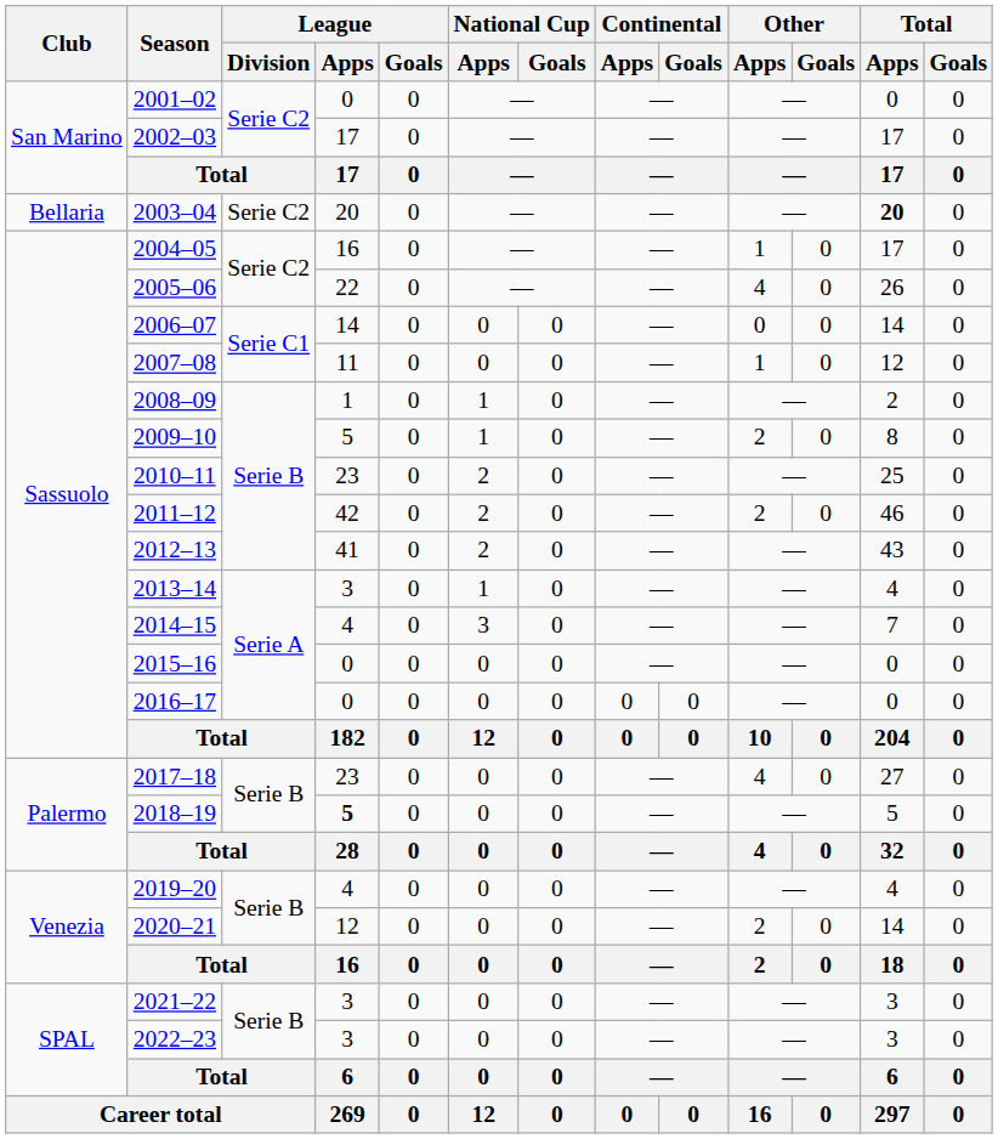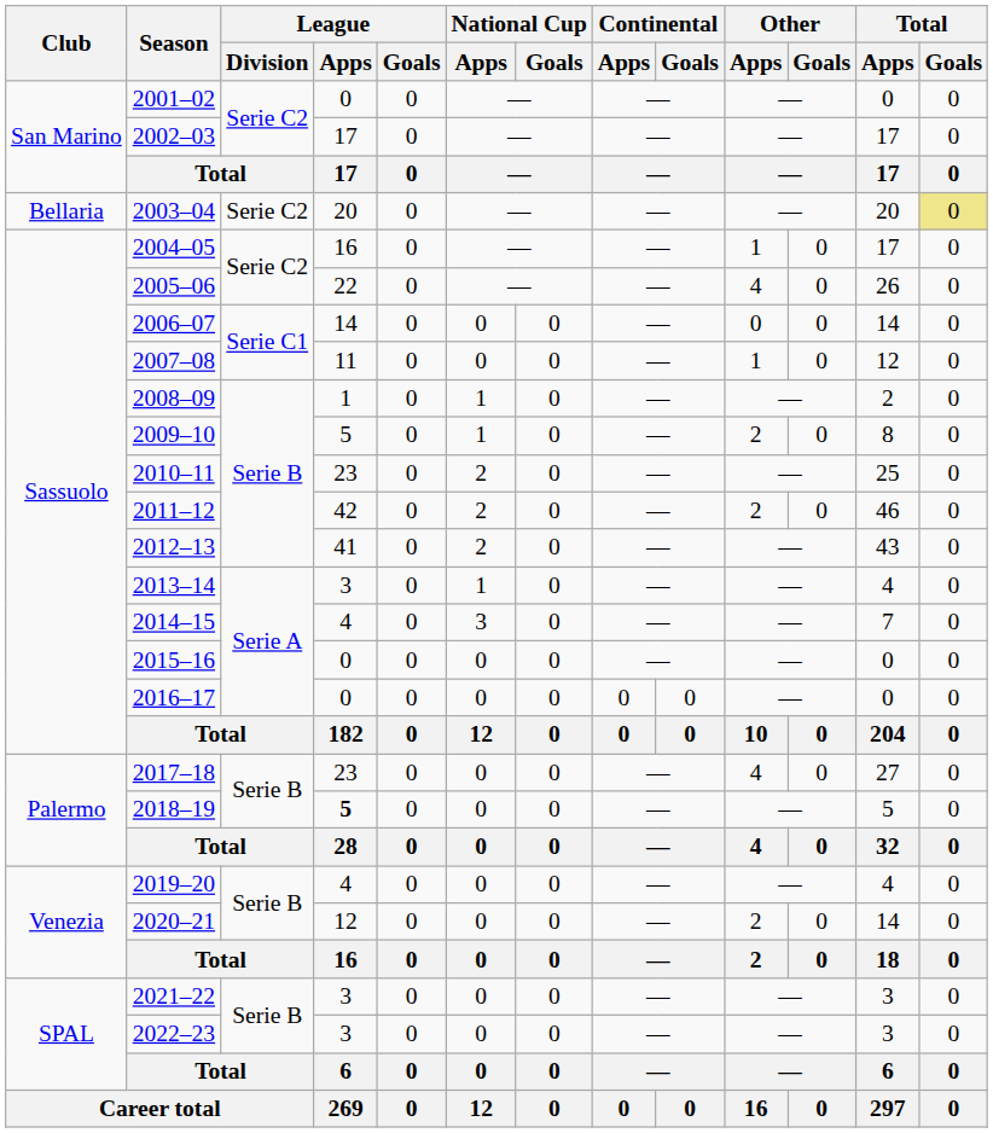 <table class="wikitable" style="text-align: center">
 <tr>
 <th rowspan="2">Club</th>
 <th rowspan="2">Season</th>
 <th colspan="3">League</th>
 <th colspan="2">National Cup</th>
 <th colspan="2">Continental</th>
 <th colspan="2">Other</th>
 <th colspan="2">Total</th>
 </tr>
 <tr>
 <th>Division</th>
 <th>Apps</th>
 <th>Goals</th>
 <th>Apps</th>
 <th>Goals</th>
 <th>Apps</th>
 <th>Goals</th>
 <th>Apps</th>
 <th>Goals</th>
 <th>Apps</th>
 <th>Goals</th>
 </tr>
 <tr>
 <td rowspan="3"><a href='#'>San Marino</a></td>
 <td><a href='#'>2001–02</a></td>
 <td rowspan="2"><a href='#'>Serie C2</a></td>
 <td>0</td>
 <td>0</td>
 <td colspan="2">—</td>
 <td colspan="2">—</td>
 <td colspan="2">—</td>
 <td>0</td>
 <td>0</td>
 </tr>
 <tr>
 <td><a href='#'>2002–03</a></td>
 <td>17</td>
 <td>0</td>
 <td colspan="2">—</td>
 <td colspan="2">—</td>
 <td colspan="2">—</td>
 <td>17</td>
 <td>0</td>
 </tr>
 <tr>
 <th colspan="2">Total</th>
 <th>17</th>
 <th>0</th>
 <th colspan="2">—</th>
 <th colspan="2">—</th>
 <th colspan="2">—</th>
 <th>17</th>
 <th>0</th>
 </tr>
 <tr>
 <td><a href='#'>Bellaria</a></td>
 <td><a href='#'>2003–04</a></td>
 <td>Serie C2</td>
 <td>20</td>
 <td>0</td>
 <td colspan="2">—</td>
 <td colspan="2">—</td>
 <td colspan="2">—</td>
-<td><strong>20</strong></td>
-<td>0</td>
+<td>20</td>
+<td style="background: khaki;">0</td>
 </tr>
 <tr>
 <td rowspan="14"><a href='#'>Sassuolo</a></td>
 <td><a href='#'>2004–05</a></td>
 <td rowspan="2">Serie C2</td>
 <td>16</td>
 <td>0</td>
 <td colspan="2">—</td>
 <td colspan="2">—</td>
 <td>1</td>
 <td>0</td>
 <td>17</td>
 <td>0</td>
 </tr>
 <tr>
 <td><a href='#'>2005–06</a></td>
 <td>22</td>
 <td>0</td>
 <td colspan="2">—</td>
 <td colspan="2">—</td>
 <td>4</td>
 <td>0</td>
 <td>26</td>
 <td>0</td>
 </tr>
 <tr>
 <td><a href='#'>2006–07</a></td>
 <td rowspan="2"><a href='#'>Serie C1</a></td>
 <td>14</td>
 <td>0</td>
 <td>0</td>
 <td>0</td>
 <td colspan="2">—</td>
 <td>0</td>
 <td>0</td>
 <td>14</td>
 <td>0</td>
 </tr>
 <tr>
 <td><a href='#'>2007–08</a></td>
 <td>11</td>
 <td>0</td>
 <td>0</td>
 <td>0</td>
 <td colspan="2">—</td>
 <td>1</td>
 <td>0</td>
 <td>12</td>
 <td>0</td>
 </tr>
 <tr>
 <td><a href='#'>2008–09</a></td>
 <td rowspan="5"><a href='#'>Serie B</a></td>
 <td>1</td>
 <td>0</td>
 <td>1</td>
 <td>0</td>
 <td colspan="2">—</td>
 <td colspan="2">—</td>
 <td>2</td>
 <td>0</td>
 </tr>
 <tr>
 <td><a href='#'>2009–10</a></td>
 <td>5</td>
 <td>0</td>
 <td>1</td>
 <td>0</td>
 <td colspan="2">—</td>
 <td>2</td>
 <td>0</td>
 <td>8</td>
 <td>0</td>
 </tr>
 <tr>
 <td><a href='#'>2010–11</a></td>
 <td>23</td>
 <td>0</td>
 <td>2</td>
 <td>0</td>
 <td colspan="2">—</td>
 <td colspan="2">—</td>
 <td>25</td>
 <td>0</td>
 </tr>
 <tr>
 <td><a href='#'>2011–12</a></td>
 <td>42</td>
 <td>0</td>
 <td>2</td>
 <td>0</td>
 <td colspan="2">—</td>
 <td>2</td>
 <td>0</td>
 <td>46</td>
 <td>0</td>
 </tr>
 <tr>
 <td><a href='#'>2012–13</a></td>
 <td>41</td>
 <td>0</td>
 <td>2</td>
 <td>0</td>
 <td colspan="2">—</td>
 <td colspan="2">—</td>
 <td>43</td>
 <td>0</td>
 </tr>
 <tr>
 <td><a href='#'>2013–14</a></td>
 <td rowspan="4"><a href='#'>Serie A</a></td>
 <td>3</td>
 <td>0</td>
 <td>1</td>
 <td>0</td>
 <td colspan="2">—</td>
 <td colspan="2">—</td>
 <td>4</td>
 <td>0</td>
 </tr>
 <tr>
 <td><a href='#'>2014–15</a></td>
 <td>4</td>
 <td>0</td>
 <td>3</td>
 <td>0</td>
 <td colspan="2">—</td>
 <td colspan="2">—</td>
 <td>7</td>
 <td>0</td>
 </tr>
 <tr>
 <td><a href='#'>2015–16</a></td>
 <td>0</td>
 <td>0</td>
 <td>0</td>
 <td>0</td>
 <td colspan="2">—</td>
 <td colspan="2">—</td>
 <td>0</td>
 <td>0</td>
 </tr>
 <tr>
 <td><a href='#'>2016–17</a></td>
 <td>0</td>
 <td>0</td>
 <td>0</td>
 <td>0</td>
 <td>0</td>
 <td>0</td>
 <td colspan="2">—</td>
 <td>0</td>
 <td>0</td>
 </tr>
 <tr>
 <th colspan="2">Total</th>
 <th>182</th>
 <th>0</th>
 <th>12</th>
 <th>0</th>
 <th>0</th>
 <th>0</th>
 <th>10</th>
 <th>0</th>
 <th>204</th>
 <th>0</th>
 </tr>
 <tr>
 <td rowspan="3"><a href='#'>Palermo</a></td>
 <td><a href='#'>2017–18</a></td>
 <td rowspan="2">Serie B</td>
 <td>23</td>
 <td>0</td>
 <td>0</td>
 <td>0</td>
 <td colspan="2">—</td>
 <td>4</td>
 <td>0</td>
 <td>27</td>
 <td>0</td>
 </tr>
 <tr>
 <td><a href='#'>2018–19</a></td>
 <td><strong>5</strong></td>
 <td>0</td>
 <td>0</td>
 <td>0</td>
 <td colspan="2">—</td>
 <td colspan="2">—</td>
 <td>5</td>
 <td>0</td>
 </tr>
 <tr>
 <th colspan="2">Total</th>
 <th>28</th>
 <th>0</th>
 <th>0</th>
 <th>0</th>
 <th colspan="2">—</th>
 <th>4</th>
 <th>0</th>
 <th>32</th>
 <th>0</th>
 </tr>
 <tr>
 <td rowspan="3"><a href='#'>Venezia</a></td>
 <td><a href='#'>2019–20</a></td>
 <td rowspan="2">Serie B</td>
 <td>4</td>
 <td>0</td>
 <td>0</td>
 <td>0</td>
 <td colspan="2">—</td>
 <td colspan="2">—</td>
 <td>4</td>
 <td>0</td>
 </tr>
 <tr>
 <td><a href='#'>2020–21</a></td>
 <td>12</td>
 <td>0</td>
 <td>0</td>
 <td>0</td>
 <td colspan="2">—</td>
 <td>2</td>
 <td>0</td>
 <td>14</td>
 <td>0</td>
 </tr>
 <tr>
 <th colspan="2">Total</th>
 <th>16</th>
 <th>0</th>
 <th>0</th>
 <th>0</th>
 <th colspan="2">—</th>
 <th>2</th>
 <th>0</th>
 <th>18</th>
 <th>0</th>
 </tr>
 <tr>
 <td rowspan="3"><a href='#'>SPAL</a></td>
 <td><a href='#'>2021–22</a></td>
 <td rowspan="2">Serie B</td>
 <td>3</td>
 <td>0</td>
 <td>0</td>
 <td>0</td>
 <td colspan="2">—</td>
 <td colspan="2">—</td>
 <td>3</td>
 <td>0</td>
 </tr>
 <tr>
 <td><a href='#'>2022–23</a></td>
 <td>3</td>
 <td>0</td>
 <td>0</td>
 <td>0</td>
 <td colspan="2">—</td>
 <td colspan="2">—</td>
 <td>3</td>
 <td>0</td>
 </tr>
 <tr>
 <th colspan="2">Total</th>
 <th>6</th>
 <th>0</th>
 <th>0</th>
 <th>0</th>
 <th colspan="2">—</th>
 <th colspan="2">—</th>
 <th>6</th>
 <th>0</th>
 </tr>
 <tr>
 <th colspan="3">Career total</th>
 <th>269</th>
 <th>0</th>
 <th>12</th>
 <th>0</th>
 <th>0</th>
 <th>0</th>
 <th>16</th>
 <th>0</th>
 <th>297</th>
 <th>0</th>
 </tr>
 </table>
